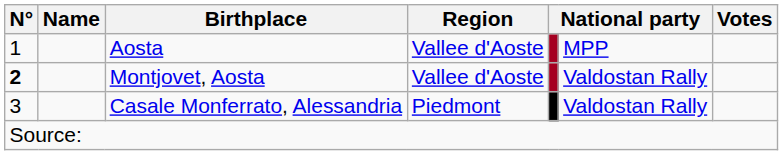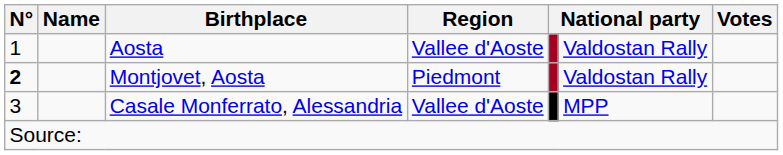 <table class="wikitable sortable" style="font-size:95%;line-height:14px;">
 <tr>
 <th>N°</th>
 <th>Name</th>
 <th>Birthplace</th>
 <th>Region</th>
 <th colspan="2">National party</th>
 <th>Votes</th>
 </tr>
 <tr>
 <td>1</td>
 <td></td>
 <td><a href='#'>Aosta</a></td>
 <td><a href='#'>Vallee d'Aoste</a></td>
 <td style="background:#A50021"></td>
-<td><a href='#'>MPP</a></td>
+<td><a href='#'>Valdostan Rally</a></td>
 <td></td>
 </tr>
 <tr>
 <td><strong>2</strong></td>
 <td></td>
 <td><a href='#'>Montjovet</a>, <a href='#'>Aosta</a></td>
-<td><a href='#'>Vallee d'Aoste</a></td>
+<td><a href='#'>Piedmont</a></td>
 <td style="background:#A50021"></td>
 <td><a href='#'>Valdostan Rally</a></td>
 <td></td>
 </tr>
 <tr>
 <td>3</td>
 <td></td>
 <td><a href='#'>Casale Monferrato</a>, <a href='#'>Alessandria</a></td>
-<td><a href='#'>Piedmont</a></td>
+<td><a href='#'>Vallee d'Aoste</a></td>
 <td style="background:#000"></td>
-<td><a href='#'>Valdostan Rally</a></td>
+<td><a href='#'>MPP</a></td>
 <td></td>
 </tr>
 <tr>
 <td colspan="7">Source: </td>
 </tr>
 </table>
